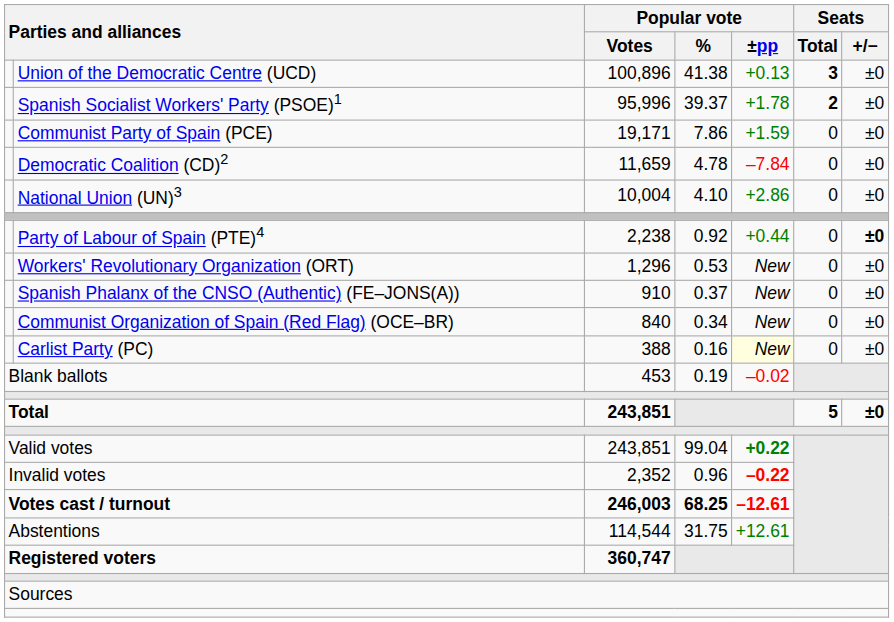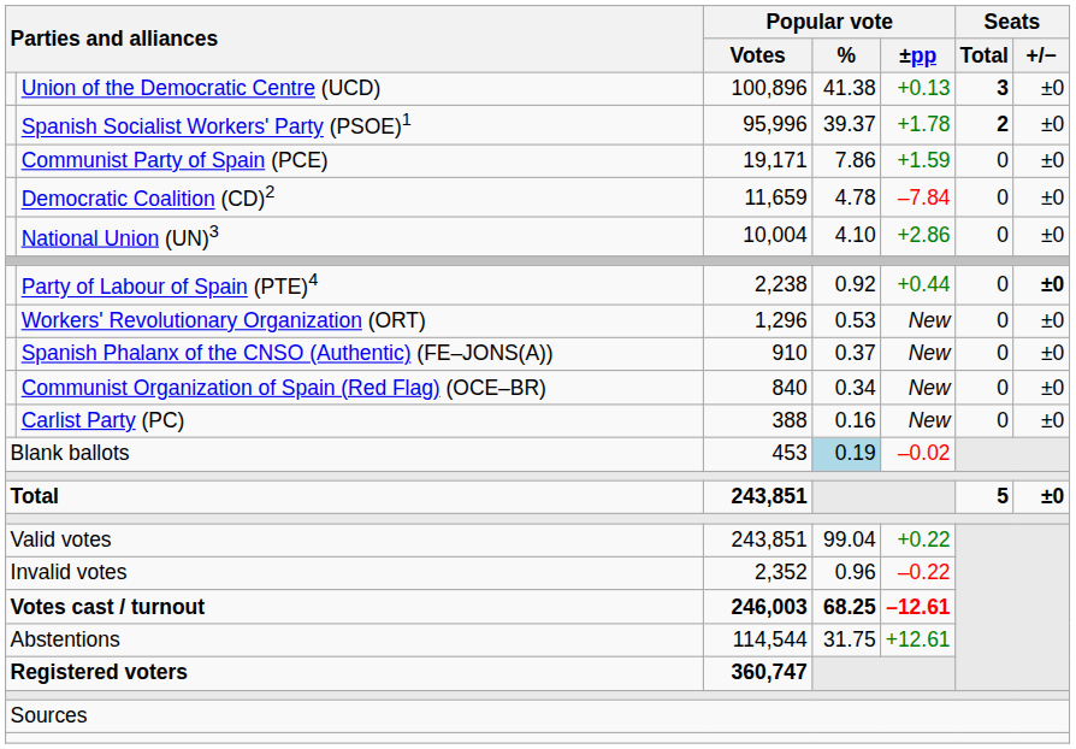 <table class="wikitable" style="text-align:right;">
 <tr>
 <th style="text-align:left;" rowspan="2" colspan="2" width="525">Parties and alliances</th>
 <th colspan="3">Popular vote</th>
 <th colspan="2">Seats</th>
 </tr>
 <tr>
 <th width="75">Votes</th>
 <th width="45">%</th>
 <th width="45">±<a href='#'>pp</a></th>
 <th width="35">Total</th>
 <th width="35">+/−</th>
 </tr>
 <tr>
 <td width="1" style="color:inherit;background:"></td>
 <td align="left"><a href='#'>Union of the Democratic Centre</a> (UCD)</td>
 <td>100,896</td>
 <td>41.38</td>
 <td style="color:green;">+0.13</td>
 <td><strong>3</strong></td>
 <td>±0</td>
 </tr>
 <tr>
 <td style="color:inherit;background:"></td>
 <td align="left"><a href='#'>Spanish Socialist Workers' Party</a> (PSOE)<sup>1</sup></td>
 <td>95,996</td>
 <td>39.37</td>
 <td style="color:green;">+1.78</td>
 <td><strong>2</strong></td>
 <td>±0</td>
 </tr>
 <tr>
 <td style="color:inherit;background:"></td>
 <td align="left"><a href='#'>Communist Party of Spain</a> (PCE)</td>
 <td>19,171</td>
 <td>7.86</td>
 <td style="color:green;">+1.59</td>
 <td>0</td>
 <td>±0</td>
 </tr>
 <tr>
 <td style="color:inherit;background:"></td>
 <td align="left"><a href='#'>Democratic Coalition</a> (CD)<sup>2</sup></td>
 <td>11,659</td>
 <td>4.78</td>
 <td style="color:red;">–7.84</td>
 <td>0</td>
 <td>±0</td>
 </tr>
 <tr>
 <td style="color:inherit;background:"></td>
 <td align="left"><a href='#'>National Union</a> (UN)<sup>3</sup></td>
 <td>10,004</td>
 <td>4.10</td>
 <td style="color:green;">+2.86</td>
 <td>0</td>
 <td>±0</td>
 </tr>
 <tr>
 <td colspan="7" bgcolor="#C0C0C0"></td>
 </tr>
 <tr>
 <td style="color:inherit;background:"></td>
 <td align="left"><a href='#'>Party of Labour of Spain</a> (PTE)<sup>4</sup></td>
 <td>2,238</td>
 <td>0.92</td>
 <td style="color:green;">+0.44</td>
 <td>0</td>
 <td><strong>±0</strong></td>
 </tr>
 <tr>
 <td style="color:inherit;background:"></td>
 <td align="left"><a href='#'>Workers' Revolutionary Organization</a> (ORT)</td>
 <td>1,296</td>
 <td>0.53</td>
 <td><em>New</em></td>
 <td>0</td>
 <td>±0</td>
 </tr>
 <tr>
 <td style="color:inherit;background:"></td>
 <td align="left"><a href='#'>Spanish Phalanx of the CNSO (Authentic)</a> (FE–JONS(A))</td>
 <td>910</td>
 <td>0.37</td>
 <td><em>New</em></td>
 <td>0</td>
 <td>±0</td>
 </tr>
 <tr>
 <td style="color:inherit;background:"></td>
 <td align="left"><a href='#'>Communist Organization of Spain (Red Flag)</a> (OCE–BR)</td>
 <td>840</td>
 <td>0.34</td>
 <td><em>New</em></td>
 <td>0</td>
 <td>±0</td>
 </tr>
 <tr>
 <td style="color:inherit;background:"></td>
 <td align="left"><a href='#'>Carlist Party</a> (PC)</td>
 <td>388</td>
 <td>0.16</td>
-<td style="background: lightyellow;"><em>New</em></td>
+<td><em>New</em></td>
 <td>0</td>
 <td>±0</td>
 </tr>
 <tr>
 <td align="left" colspan="2">Blank ballots</td>
 <td>453</td>
-<td>0.19</td>
+<td style="background: lightblue;">0.19</td>
 <td style="color:red;">–0.02</td>
 <td bgcolor="#E9E9E9" colspan="2"></td>
 </tr>
 <tr>
 <td colspan="7" bgcolor="#E9E9E9"></td>
 </tr>
 <tr style="font-weight:bold;">
 <td align="left" colspan="2">Total</td>
 <td>243,851</td>
 <td bgcolor="#E9E9E9" colspan="2"></td>
 <td>5</td>
 <td>±0</td>
 </tr>
 <tr>
 <td colspan="7" bgcolor="#E9E9E9"></td>
 </tr>
 <tr>
 <td align="left" colspan="2">Valid votes</td>
 <td>243,851</td>
 <td>99.04</td>
-<td style="color:green;"><strong>+0.22</strong></td>
+<td style="color:green;">+0.22</td>
 <td bgcolor="#E9E9E9" colspan="2" rowspan="5"></td>
 </tr>
 <tr>
 <td align="left" colspan="2">Invalid votes</td>
 <td>2,352</td>
 <td>0.96</td>
-<td style="color:red;"><strong>–0.22</strong></td>
+<td style="color:red;">–0.22</td>
 </tr>
 <tr style="font-weight:bold;">
 <td align="left" colspan="2">Votes cast / turnout</td>
 <td>246,003</td>
 <td>68.25</td>
 <td style="color:red;">–12.61</td>
 </tr>
 <tr>
 <td align="left" colspan="2">Abstentions</td>
 <td>114,544</td>
 <td>31.75</td>
 <td style="color:green;">+12.61</td>
 </tr>
 <tr style="font-weight:bold;">
 <td align="left" colspan="2">Registered voters</td>
 <td>360,747</td>
 <td bgcolor="#E9E9E9" colspan="2"></td>
 </tr>
 <tr>
 <td colspan="7" bgcolor="#E9E9E9"></td>
 </tr>
 <tr>
 <td align="left" colspan="7">Sources</td>
 </tr>
 <tr>
 <td colspan="7" style="text-align:left; max-width:790px;"></td>
 </tr>
 </table>
